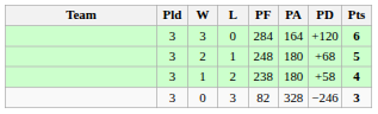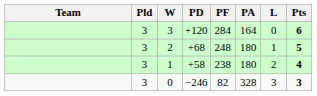 <table class="wikitable" style="text-align:center;">
 <tr>
 <th width=180>Team</th>
 <th width=30>Pld</th>
 <th width=30>W</th>
-<th width=30>L</th>
+<th width=30>PD</th>
 <th width=30>PF</th>
 <th width=30>PA</th>
-<th width=30>PD</th>
+<th width=30>L</th>
 <th width=30>Pts</th>
 </tr>
 <tr bgcolor="#ccffcc">
 <td align=left></td>
 <td>3</td>
 <td>3</td>
-<td>0</td>
+<td>+120</td>
 <td>284</td>
 <td>164</td>
-<td>+120</td>
+<td>0</td>
 <td><strong>6</strong></td>
 </tr>
 <tr bgcolor="#ccffcc">
 <td align=left></td>
 <td>3</td>
 <td>2</td>
-<td>1</td>
+<td>+68</td>
 <td>248</td>
 <td>180</td>
-<td>+68</td>
+<td>1</td>
 <td><strong>5</strong></td>
 </tr>
 <tr bgcolor="#ccffcc">
 <td align=left></td>
 <td>3</td>
 <td>1</td>
-<td>2</td>
+<td>+58</td>
 <td>238</td>
 <td>180</td>
-<td>+58</td>
+<td>2</td>
 <td><strong>4</strong></td>
 </tr>
 <tr>
 <td align=left></td>
 <td>3</td>
 <td>0</td>
-<td>3</td>
+<td>−246</td>
 <td>82</td>
 <td>328</td>
-<td>−246</td>
+<td>3</td>
 <td><strong>3</strong></td>
 </tr>
 </table>
